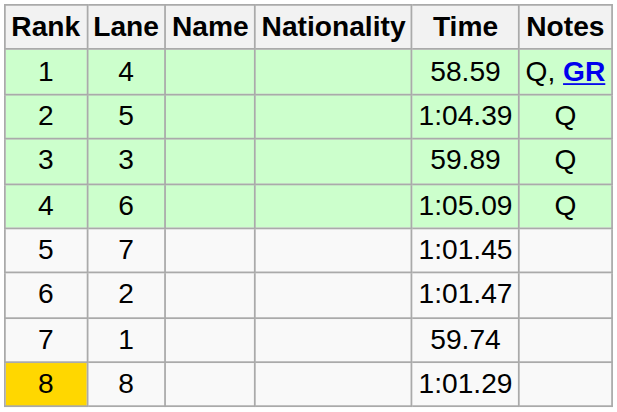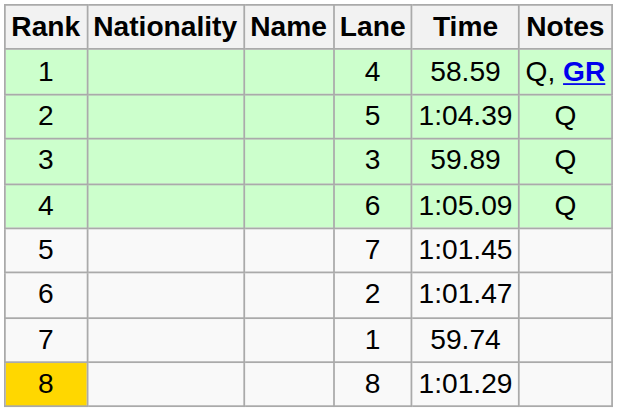 <table class="wikitable sortable" style="text-align:center">
 <tr>
 <th>Rank</th>
+<th>Nationality</th>
+<th>Name</th>
 <th>Lane</th>
-<th>Name</th>
-<th>Nationality</th>
 <th>Time</th>
 <th>Notes</th>
 </tr>
 <tr bgcolor="ccffcc">
 <td>1</td>
-<td>4</td>
 <td align="left"></td>
 <td align="left"></td>
+<td>4</td>
 <td>58.59</td>
 <td>Q, <strong><a href='#'>GR</a></strong></td>
 </tr>
 <tr bgcolor="ccffcc">
 <td>2</td>
-<td>5</td>
 <td align="left"></td>
 <td align="left"></td>
+<td>5</td>
 <td>1:04.39</td>
 <td>Q</td>
 </tr>
 <tr bgcolor="ccffcc">
 <td>3</td>
-<td>3</td>
 <td align="left"></td>
 <td align="left"></td>
+<td>3</td>
 <td>59.89</td>
 <td>Q</td>
 </tr>
 <tr bgcolor="ccffcc">
 <td>4</td>
-<td>6</td>
 <td align="left"></td>
 <td align="left"></td>
+<td>6</td>
 <td>1:05.09</td>
 <td>Q</td>
 </tr>
 <tr>
 <td>5</td>
-<td>7</td>
 <td align="left"></td>
 <td align="left"></td>
+<td>7</td>
 <td>1:01.45</td>
 <td></td>
 </tr>
 <tr>
 <td>6</td>
-<td>2</td>
 <td align="left"></td>
 <td align="left"></td>
+<td>2</td>
 <td>1:01.47</td>
 <td></td>
 </tr>
 <tr>
 <td>7</td>
-<td>1</td>
 <td align="left"></td>
 <td align="left"></td>
+<td>1</td>
 <td>59.74</td>
 <td></td>
 </tr>
 <tr>
 <td style="background: gold;">8</td>
-<td>8</td>
 <td align="left"></td>
 <td align="left"></td>
+<td>8</td>
 <td>1:01.29</td>
 <td></td>
 </tr>
 </table>
